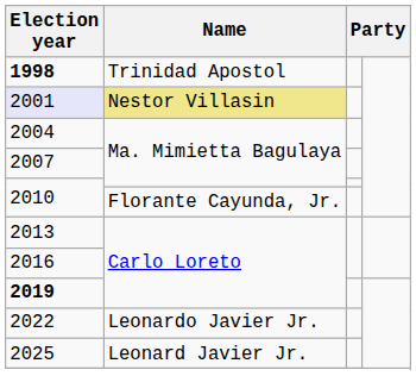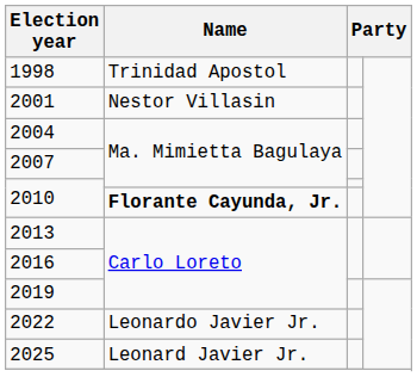 <table class=wikitable>
 <tr>
 <th>Election<br>year</th>
 <th>Name</th>
 <th colspan=2>Party</th>
 </tr>
 <tr>
-<td><strong>1998</strong></td>
+<td>1998</td>
 <td>Trinidad Apostol</td>
 <td></td>
 </tr>
 <tr>
-<td style="background: lavender;">2001</td>
-<td style="background: khaki;">Nestor Villasin</td>
+<td>2001</td>
+<td>Nestor Villasin</td>
 <td></td>
 </tr>
 <tr>
 <td>2004</td>
 <td rowspan=3>Ma. Mimietta Bagulaya</td>
 <td></td>
 </tr>
 <tr>
 <td>2007</td>
 <td></td>
 </tr>
 <tr>
 <td rowspan=2>2010</td>
 <td></td>
 </tr>
 <tr>
-<td>Florante Cayunda, Jr.</td>
+<td><strong>Florante Cayunda, Jr.</strong></td>
 <td></td>
 </tr>
 <tr>
 <td>2013</td>
 <td rowspan=3><a href='#'>Carlo Loreto</a></td>
 <td rowspan=2 style="width: 5px; background-color: "></td>
 <td rowspan=2 style="text-align: left;" scope="row"><a href='#'></a></td>
 </tr>
 <tr>
 <td>2016</td>
 </tr>
 <tr>
-<td><strong>2019</strong></td>
+<td>2019</td>
 <td></td>
 </tr>
 <tr>
 <td>2022</td>
 <td>Leonardo Javier Jr.</td>
 <td></td>
 </tr>
 <tr>
 <td>2025</td>
 <td>Leonard Javier Jr.</td>
 <td></td>
 </tr>
 <tr>
 </tr>
 </table>
